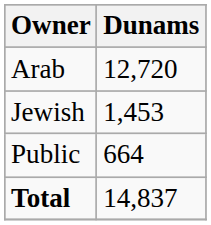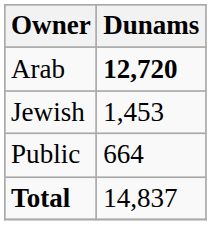 <table class="wikitable">
 <tr>
 <th>Owner</th>
 <th>Dunams</th>
 </tr>
 <tr>
 <td>Arab</td>
-<td>12,720</td>
+<td><strong>12,720</strong></td>
 </tr>
 <tr>
 <td>Jewish</td>
 <td>1,453</td>
 </tr>
 <tr>
 <td>Public</td>
 <td>664</td>
 </tr>
 <tr>
 <td><strong>Total</strong></td>
 <td>14,837</td>
 </tr>
 <tr>
 </tr>
 </table>
